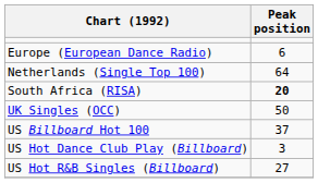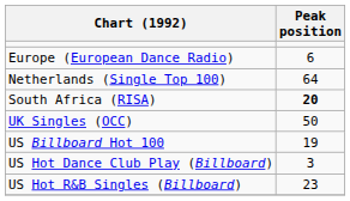 <table class="wikitable sortable">
 <tr>
 <th>Chart (1992)</th>
 <th>Peak<br>position</th>
 </tr>
 <tr>
 <td></td>
 </tr>
 <tr>
 <td>Europe (<a href='#'>European Dance Radio</a>)</td>
 <td align="center">6</td>
 </tr>
 <tr>
 <td>Netherlands (<a href='#'>Single Top 100</a>)</td>
 <td align="center">64</td>
 </tr>
 <tr>
 <td>South Africa (<a href='#'>RISA</a>)</td>
 <td align="center"><strong>20</strong></td>
 </tr>
 <tr>
 <td><a href='#'>UK Singles</a> (<a href='#'>OCC</a>)</td>
 <td align="center">50</td>
 </tr>
 <tr>
 <td>US <a href='#'><em>Billboard</em> Hot 100</a></td>
-<td align="center">37</td>
+<td align="center">19</td>
 </tr>
 <tr>
 <td>US <a href='#'>Hot Dance Club Play</a> (<em><a href='#'>Billboard</a></em>)</td>
 <td align="center">3</td>
 </tr>
 <tr>
 <td>US <a href='#'>Hot R&B Singles</a> (<em><a href='#'>Billboard</a></em>)</td>
-<td align="center">27</td>
+<td align="center">23</td>
 </tr>
 <tr>
 </tr>
 </table>
